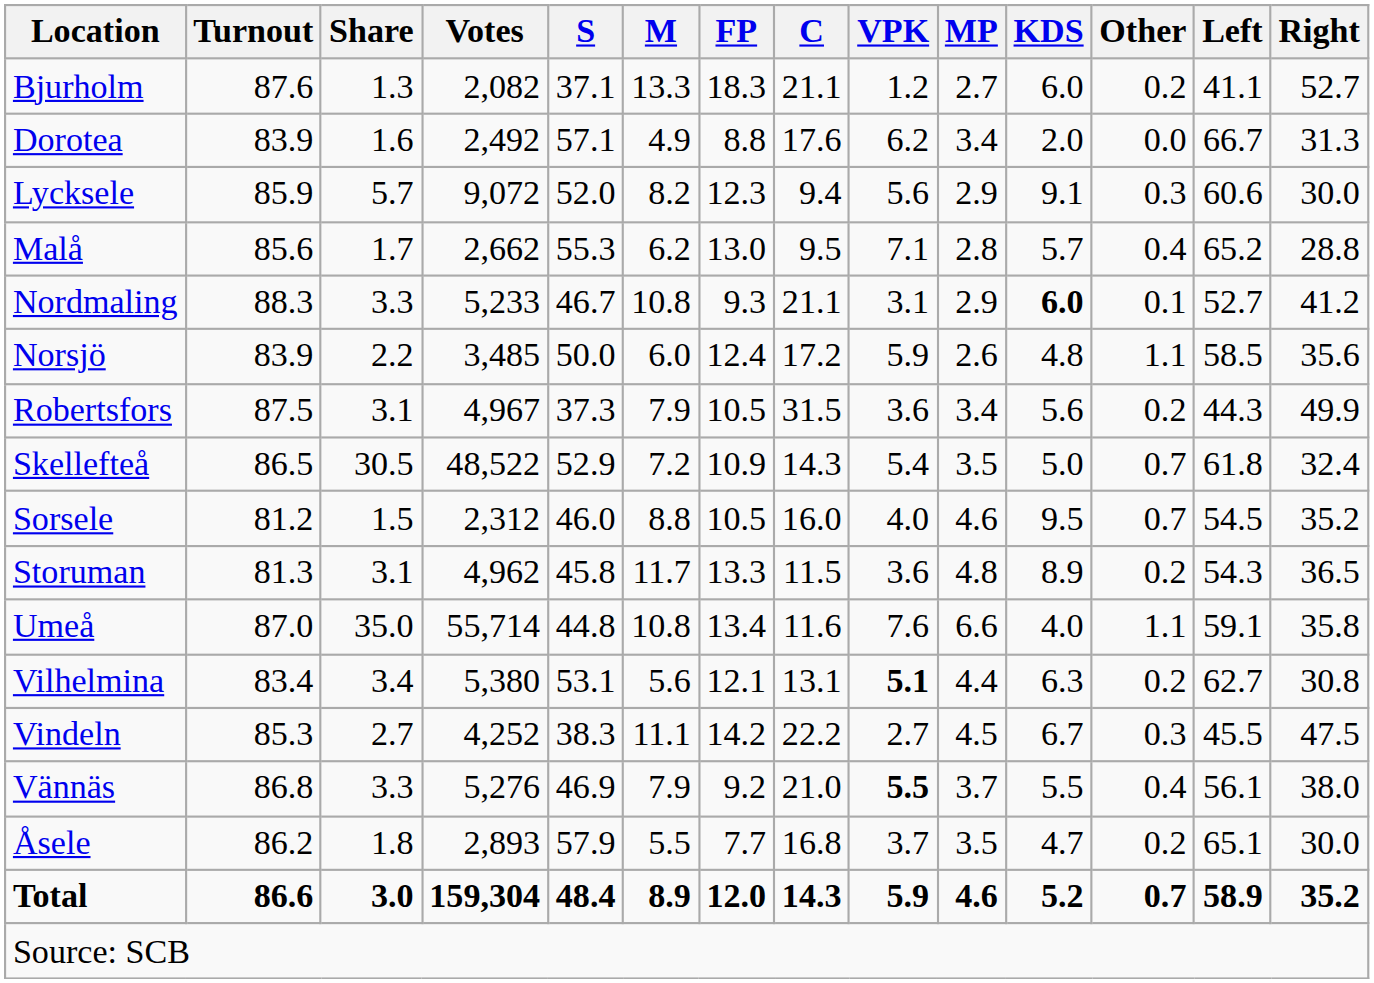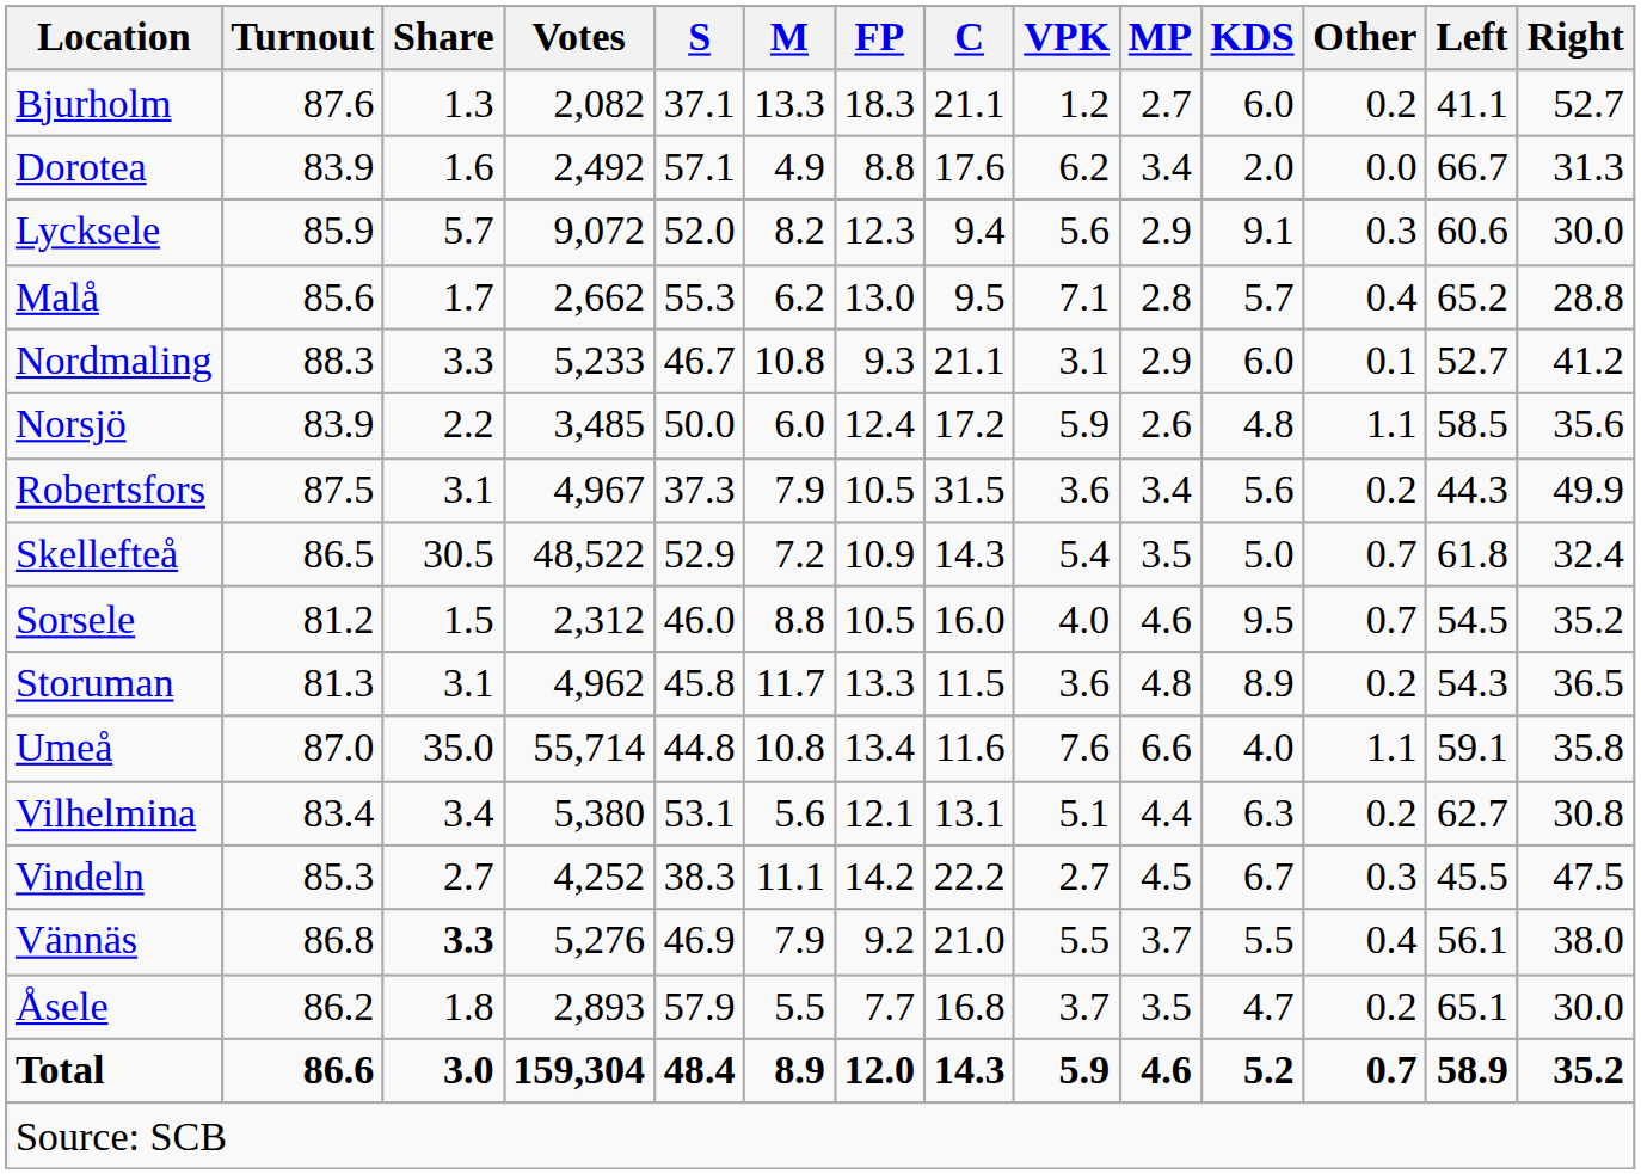 <table class="wikitable sortable" style=text-align:right>
 <tr>
 <th>Location</th>
 <th>Turnout</th>
 <th>Share</th>
 <th>Votes</th>
 <th><a href='#'>S</a></th>
 <th><a href='#'>M</a></th>
 <th><a href='#'>FP</a></th>
 <th><a href='#'>C</a></th>
 <th><a href='#'>VPK</a></th>
 <th><a href='#'>MP</a></th>
 <th><a href='#'>KDS</a></th>
 <th>Other</th>
 <th>Left</th>
 <th>Right</th>
 </tr>
 <tr>
 <td align=left><a href='#'>Bjurholm</a></td>
 <td>87.6</td>
 <td>1.3</td>
 <td>2,082</td>
 <td>37.1</td>
 <td>13.3</td>
 <td>18.3</td>
 <td>21.1</td>
 <td>1.2</td>
 <td>2.7</td>
 <td>6.0</td>
 <td>0.2</td>
 <td>41.1</td>
 <td>52.7</td>
 </tr>
 <tr>
 <td align=left><a href='#'>Dorotea</a></td>
 <td>83.9</td>
 <td>1.6</td>
 <td>2,492</td>
 <td>57.1</td>
 <td>4.9</td>
 <td>8.8</td>
 <td>17.6</td>
 <td>6.2</td>
 <td>3.4</td>
 <td>2.0</td>
 <td>0.0</td>
 <td>66.7</td>
 <td>31.3</td>
 </tr>
 <tr>
 <td align=left><a href='#'>Lycksele</a></td>
 <td>85.9</td>
 <td>5.7</td>
 <td>9,072</td>
 <td>52.0</td>
 <td>8.2</td>
 <td>12.3</td>
 <td>9.4</td>
 <td>5.6</td>
 <td>2.9</td>
 <td>9.1</td>
 <td>0.3</td>
 <td>60.6</td>
 <td>30.0</td>
 </tr>
 <tr>
 <td align=left><a href='#'>Malå</a></td>
 <td>85.6</td>
 <td>1.7</td>
 <td>2,662</td>
 <td>55.3</td>
 <td>6.2</td>
 <td>13.0</td>
 <td>9.5</td>
 <td>7.1</td>
 <td>2.8</td>
 <td>5.7</td>
 <td>0.4</td>
 <td>65.2</td>
 <td>28.8</td>
 </tr>
 <tr>
 <td align=left><a href='#'>Nordmaling</a></td>
 <td>88.3</td>
 <td>3.3</td>
 <td>5,233</td>
 <td>46.7</td>
 <td>10.8</td>
 <td>9.3</td>
 <td>21.1</td>
 <td>3.1</td>
 <td>2.9</td>
-<td><strong>6.0</strong></td>
+<td>6.0</td>
 <td>0.1</td>
 <td>52.7</td>
 <td>41.2</td>
 </tr>
 <tr>
 <td align=left><a href='#'>Norsjö</a></td>
 <td>83.9</td>
 <td>2.2</td>
 <td>3,485</td>
 <td>50.0</td>
 <td>6.0</td>
 <td>12.4</td>
 <td>17.2</td>
 <td>5.9</td>
 <td>2.6</td>
 <td>4.8</td>
 <td>1.1</td>
 <td>58.5</td>
 <td>35.6</td>
 </tr>
 <tr>
 <td align=left><a href='#'>Robertsfors</a></td>
 <td>87.5</td>
 <td>3.1</td>
 <td>4,967</td>
 <td>37.3</td>
 <td>7.9</td>
 <td>10.5</td>
 <td>31.5</td>
 <td>3.6</td>
 <td>3.4</td>
 <td>5.6</td>
 <td>0.2</td>
 <td>44.3</td>
 <td>49.9</td>
 </tr>
 <tr>
 <td align=left><a href='#'>Skellefteå</a></td>
 <td>86.5</td>
 <td>30.5</td>
 <td>48,522</td>
 <td>52.9</td>
 <td>7.2</td>
 <td>10.9</td>
 <td>14.3</td>
 <td>5.4</td>
 <td>3.5</td>
 <td>5.0</td>
 <td>0.7</td>
 <td>61.8</td>
 <td>32.4</td>
 </tr>
 <tr>
 <td align=left><a href='#'>Sorsele</a></td>
 <td>81.2</td>
 <td>1.5</td>
 <td>2,312</td>
 <td>46.0</td>
 <td>8.8</td>
 <td>10.5</td>
 <td>16.0</td>
 <td>4.0</td>
 <td>4.6</td>
 <td>9.5</td>
 <td>0.7</td>
 <td>54.5</td>
 <td>35.2</td>
 </tr>
 <tr>
 <td align=left><a href='#'>Storuman</a></td>
 <td>81.3</td>
 <td>3.1</td>
 <td>4,962</td>
 <td>45.8</td>
 <td>11.7</td>
 <td>13.3</td>
 <td>11.5</td>
 <td>3.6</td>
 <td>4.8</td>
 <td>8.9</td>
 <td>0.2</td>
 <td>54.3</td>
 <td>36.5</td>
 </tr>
 <tr>
 <td align=left><a href='#'>Umeå</a></td>
 <td>87.0</td>
 <td>35.0</td>
 <td>55,714</td>
 <td>44.8</td>
 <td>10.8</td>
 <td>13.4</td>
 <td>11.6</td>
 <td>7.6</td>
 <td>6.6</td>
 <td>4.0</td>
 <td>1.1</td>
 <td>59.1</td>
 <td>35.8</td>
 </tr>
 <tr>
 <td align=left><a href='#'>Vilhelmina</a></td>
 <td>83.4</td>
 <td>3.4</td>
 <td>5,380</td>
 <td>53.1</td>
 <td>5.6</td>
 <td>12.1</td>
 <td>13.1</td>
-<td><strong>5.1</strong></td>
+<td>5.1</td>
 <td>4.4</td>
 <td>6.3</td>
 <td>0.2</td>
 <td>62.7</td>
 <td>30.8</td>
 </tr>
 <tr>
 <td align=left><a href='#'>Vindeln</a></td>
 <td>85.3</td>
 <td>2.7</td>
 <td>4,252</td>
 <td>38.3</td>
 <td>11.1</td>
 <td>14.2</td>
 <td>22.2</td>
 <td>2.7</td>
 <td>4.5</td>
 <td>6.7</td>
 <td>0.3</td>
 <td>45.5</td>
 <td>47.5</td>
 </tr>
 <tr>
 <td align=left><a href='#'>Vännäs</a></td>
 <td>86.8</td>
-<td>3.3</td>
+<td><strong>3.3</strong></td>
 <td>5,276</td>
 <td>46.9</td>
 <td>7.9</td>
 <td>9.2</td>
 <td>21.0</td>
-<td><strong>5.5</strong></td>
+<td>5.5</td>
 <td>3.7</td>
 <td>5.5</td>
 <td>0.4</td>
 <td>56.1</td>
 <td>38.0</td>
 </tr>
 <tr>
 <td align=left><a href='#'>Åsele</a></td>
 <td>86.2</td>
 <td>1.8</td>
 <td>2,893</td>
 <td>57.9</td>
 <td>5.5</td>
 <td>7.7</td>
 <td>16.8</td>
 <td>3.7</td>
 <td>3.5</td>
 <td>4.7</td>
 <td>0.2</td>
 <td>65.1</td>
 <td>30.0</td>
 </tr>
 <tr>
 <td align=left><strong>Total</strong></td>
 <td><strong>86.6</strong></td>
 <td><strong>3.0</strong></td>
 <td><strong>159,304</strong></td>
 <td><strong>48.4</strong></td>
 <td><strong>8.9</strong></td>
 <td><strong>12.0</strong></td>
 <td><strong>14.3</strong></td>
 <td><strong>5.9</strong></td>
 <td><strong>4.6</strong></td>
 <td><strong>5.2</strong></td>
 <td><strong>0.7</strong></td>
 <td><strong>58.9</strong></td>
 <td><strong>35.2</strong></td>
 </tr>
 <tr>
 <td align=left colspan=14>Source: SCB </td>
 </tr>
 </table>
